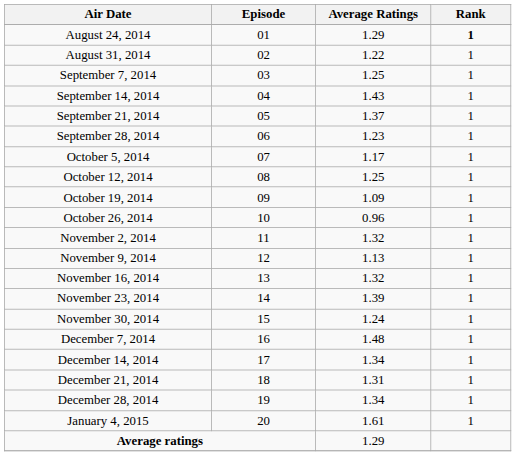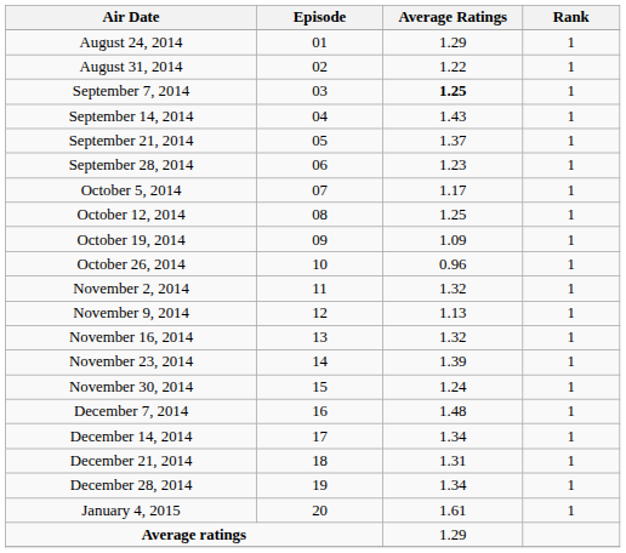 <table class="wikitable" style="text-align:center;width:40%;">
 <tr>
 <th width="13%">Air Date</th>
 <th width="5%">Episode</th>
 <th width="6%">Average Ratings</th>
 <th width="4%">Rank</th>
 </tr>
 <tr>
 </tr>
 <tr>
 <td>August 24, 2014</td>
 <td>01</td>
 <td>1.29</td>
-<td><strong>1</strong></td>
+<td>1</td>
 </tr>
 <tr>
 <td>August 31, 2014</td>
 <td>02</td>
 <td>1.22</td>
 <td>1</td>
 </tr>
 <tr>
 <td>September 7, 2014</td>
 <td>03</td>
-<td>1.25</td>
+<td><strong>1.25</strong></td>
 <td>1</td>
 </tr>
 <tr>
 <td>September 14, 2014</td>
 <td>04</td>
 <td>1.43</td>
 <td>1</td>
 </tr>
 <tr>
 <td>September 21, 2014</td>
 <td>05</td>
 <td>1.37</td>
 <td>1</td>
 </tr>
 <tr>
 <td>September 28, 2014</td>
 <td>06</td>
 <td>1.23</td>
 <td>1</td>
 </tr>
 <tr>
 <td>October 5, 2014</td>
 <td>07</td>
 <td>1.17</td>
 <td>1</td>
 </tr>
 <tr>
 <td>October 12, 2014</td>
 <td>08</td>
 <td>1.25</td>
 <td>1</td>
 </tr>
 <tr>
 <td>October 19, 2014</td>
 <td>09</td>
 <td>1.09</td>
 <td>1</td>
 </tr>
 <tr>
 <td>October 26, 2014</td>
 <td>10</td>
 <td>0.96</td>
 <td>1</td>
 </tr>
 <tr>
 <td>November 2, 2014</td>
 <td>11</td>
 <td>1.32</td>
 <td>1</td>
 </tr>
 <tr>
 <td>November 9, 2014</td>
 <td>12</td>
 <td>1.13</td>
 <td>1</td>
 </tr>
 <tr>
 <td>November 16, 2014</td>
 <td>13</td>
 <td>1.32</td>
 <td>1</td>
 </tr>
 <tr>
 <td>November 23, 2014</td>
 <td>14</td>
 <td>1.39</td>
 <td>1</td>
 </tr>
 <tr>
 <td>November 30, 2014</td>
 <td>15</td>
 <td>1.24</td>
 <td>1</td>
 </tr>
 <tr>
 <td>December 7, 2014</td>
 <td>16</td>
 <td>1.48</td>
 <td>1</td>
 </tr>
 <tr>
 <td>December 14, 2014</td>
 <td>17</td>
 <td>1.34</td>
 <td>1</td>
 </tr>
 <tr>
 <td>December 21, 2014</td>
 <td>18</td>
 <td>1.31</td>
 <td>1</td>
 </tr>
 <tr>
 <td>December 28, 2014</td>
 <td>19</td>
 <td>1.34</td>
 <td>1</td>
 </tr>
 <tr>
 <td>January 4, 2015</td>
 <td>20</td>
 <td>1.61</td>
 <td>1</td>
 </tr>
 <tr>
 <td colspan="2"><strong>Average ratings</strong></td>
 <td>1.29</td>
 <td></td>
 </tr>
 <tr>
 </tr>
 </table>
